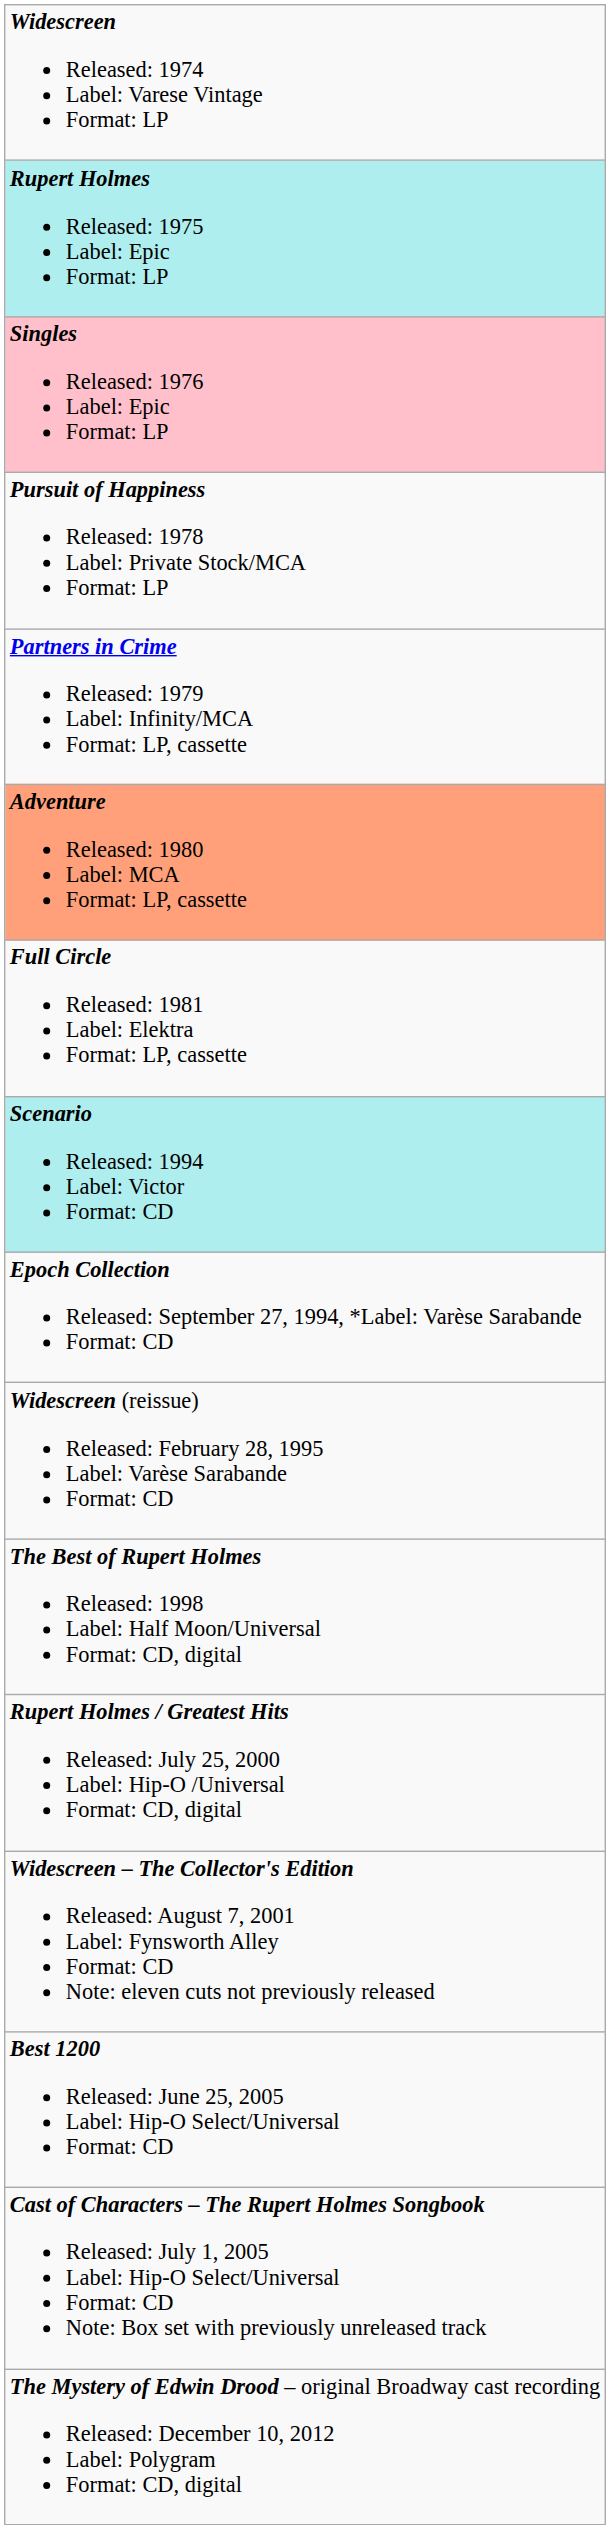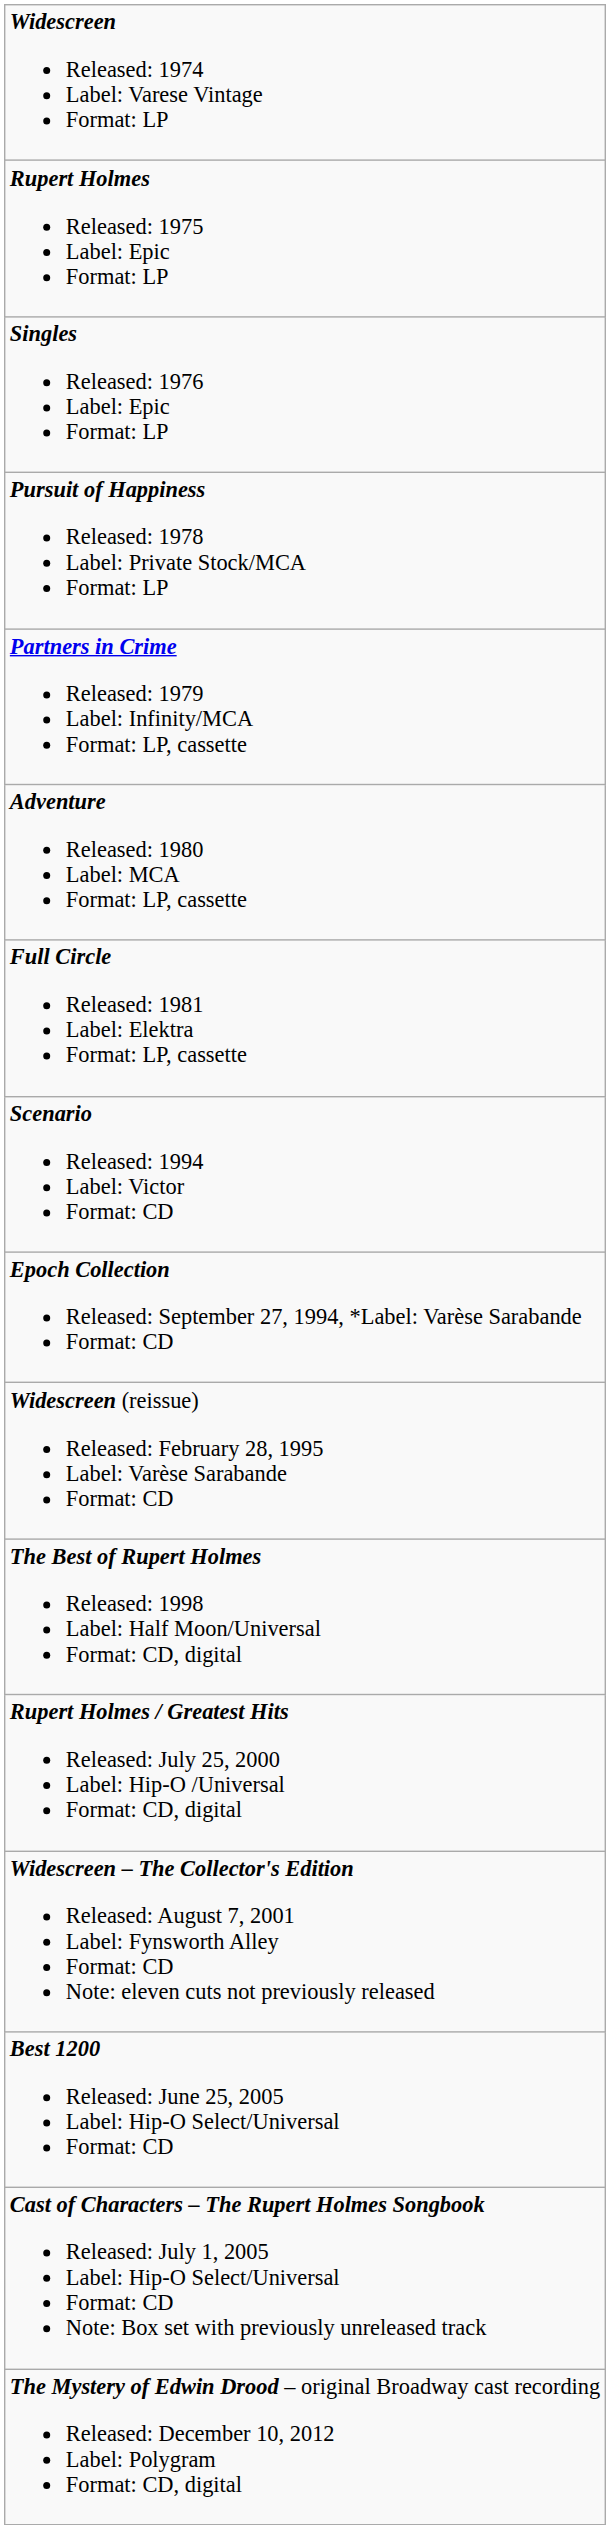 <table class="wikitable">
 <tr>
 <td><strong><em>Widescreen</em></strong><br><ul><li>Released: 1974</li><li>Label: Varese Vintage</li><li>Format: LP</li></ul></td>
 </tr>
 <tr>
-<td style="background: paleturquoise;"><strong><em>Rupert Holmes</em></strong><br><ul><li>Released: 1975</li><li>Label: Epic</li><li>Format: LP</li></ul></td>
+<td><strong><em>Rupert Holmes</em></strong><br><ul><li>Released: 1975</li><li>Label: Epic</li><li>Format: LP</li></ul></td>
 </tr>
 <tr>
-<td style="background: pink;"><strong><em>Singles</em></strong><br><ul><li>Released: 1976</li><li>Label: Epic</li><li>Format: LP</li></ul></td>
+<td><strong><em>Singles</em></strong><br><ul><li>Released: 1976</li><li>Label: Epic</li><li>Format: LP</li></ul></td>
 </tr>
 <tr>
 <td><strong><em>Pursuit of Happiness</em></strong><br><ul><li>Released: 1978</li><li>Label: Private Stock/MCA</li><li>Format: LP</li></ul></td>
 </tr>
 <tr>
 <td><strong><em><a href='#'>Partners in Crime</a></em></strong><br><ul><li>Released: 1979</li><li>Label: Infinity/MCA</li><li>Format: LP, cassette</li></ul></td>
 </tr>
 <tr>
-<td style="background: lightsalmon;"><strong><em>Adventure</em></strong><br><ul><li>Released: 1980</li><li>Label: MCA</li><li>Format: LP, cassette</li></ul></td>
+<td><strong><em>Adventure</em></strong><br><ul><li>Released: 1980</li><li>Label: MCA</li><li>Format: LP, cassette</li></ul></td>
 </tr>
 <tr>
 <td><strong><em>Full Circle</em></strong><br><ul><li>Released: 1981</li><li>Label: Elektra</li><li>Format: LP, cassette</li></ul></td>
 </tr>
 <tr>
-<td style="background: paleturquoise;"><strong><em>Scenario</em></strong><br><ul><li>Released: 1994</li><li>Label: Victor</li><li>Format: CD</li></ul></td>
+<td><strong><em>Scenario</em></strong><br><ul><li>Released: 1994</li><li>Label: Victor</li><li>Format: CD</li></ul></td>
 </tr>
 <tr>
 <td><strong><em>Epoch Collection</em></strong><br><ul><li>Released: September 27, 1994, *Label:  Varèse Sarabande</li><li>Format: CD</li></ul></td>
 </tr>
 <tr>
 <td><strong><em>Widescreen</em></strong> (reissue)<br><ul><li>Released: February 28, 1995</li><li>Label: Varèse Sarabande</li><li>Format: CD</li></ul></td>
 </tr>
 <tr>
 <td><strong><em>The Best of Rupert Holmes</em></strong><br><ul><li>Released: 1998</li><li>Label: Half Moon/Universal</li><li>Format: CD, digital</li></ul></td>
 </tr>
 <tr>
 <td><strong><em>Rupert Holmes / Greatest Hits</em></strong><br><ul><li>Released: July 25, 2000</li><li>Label:  Hip-O /Universal</li><li>Format: CD, digital</li></ul></td>
 </tr>
 <tr>
 <td><strong><em>Widescreen – The Collector's Edition</em></strong><br><ul><li>Released: August 7, 2001</li><li>Label: Fynsworth Alley</li><li>Format: CD</li><li>Note: eleven cuts not previously released</li></ul></td>
 </tr>
 <tr>
 <td><strong><em>Best 1200</em></strong><br><ul><li>Released: June 25, 2005</li><li>Label: Hip-O Select/Universal</li><li>Format: CD</li></ul></td>
 </tr>
 <tr>
 <td><strong><em>Cast of Characters – The Rupert Holmes Songbook</em></strong><br><ul><li>Released: July 1, 2005</li><li>Label: Hip-O Select/Universal</li><li>Format: CD</li><li>Note: Box set with previously unreleased track</li></ul></td>
 </tr>
 <tr>
 <td><strong><em>The Mystery of Edwin Drood</em></strong> – original Broadway cast recording<br><ul><li>Released: December 10, 2012</li><li>Label:  Polygram</li><li>Format: CD, digital</li></ul></td>
 </tr>
 </table>
